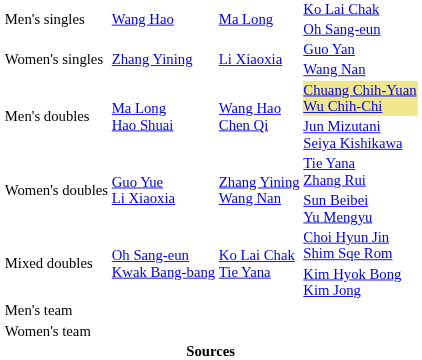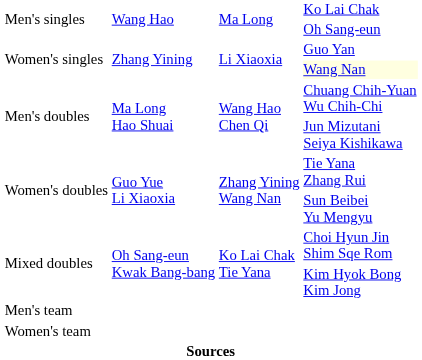 <table>
 <tr>
 <td rowspan=2>Men's singles <br></td>
 <td rowspan=2> <a href='#'>Wang Hao</a></td>
 <td rowspan=2> <a href='#'>Ma Long</a></td>
 <td> <a href='#'>Ko Lai Chak</a></td>
 </tr>
 <tr>
 <td> <a href='#'>Oh Sang-eun</a></td>
 </tr>
 <tr>
 <td rowspan=2>Women's singles <br></td>
 <td rowspan=2> <a href='#'>Zhang Yining</a></td>
 <td rowspan=2> <a href='#'>Li Xiaoxia</a></td>
 <td> <a href='#'>Guo Yan</a></td>
 </tr>
 <tr>
-<td> <a href='#'>Wang Nan</a></td>
+<td style="background: lightyellow;"> <a href='#'>Wang Nan</a></td>
 </tr>
 <tr>
 <td rowspan=2>Men's doubles <br></td>
 <td rowspan=2> <a href='#'>Ma Long</a><br> <a href='#'>Hao Shuai</a></td>
 <td rowspan=2> <a href='#'>Wang Hao</a><br> <a href='#'>Chen Qi</a></td>
-<td style="background: khaki;"> <a href='#'>Chuang Chih-Yuan</a><br> <a href='#'>Wu Chih-Chi</a></td>
+<td> <a href='#'>Chuang Chih-Yuan</a><br> <a href='#'>Wu Chih-Chi</a></td>
 </tr>
 <tr>
 <td> <a href='#'>Jun Mizutani</a><br> <a href='#'>Seiya Kishikawa</a></td>
 </tr>
 <tr>
 <td rowspan=2>Women's doubles <br></td>
 <td rowspan=2> <a href='#'>Guo Yue</a><br> <a href='#'>Li Xiaoxia</a></td>
 <td rowspan=2> <a href='#'>Zhang Yining</a><br> <a href='#'>Wang Nan</a></td>
 <td> <a href='#'>Tie Yana</a><br>  <a href='#'>Zhang Rui</a></td>
 </tr>
 <tr>
 <td> <a href='#'>Sun Beibei</a><br> <a href='#'>Yu Mengyu</a></td>
 </tr>
 <tr>
 <td rowspan=2>Mixed doubles <br></td>
 <td rowspan=2> <a href='#'>Oh Sang-eun</a><br> <a href='#'>Kwak Bang-bang</a></td>
 <td rowspan=2> <a href='#'>Ko Lai Chak</a><br> <a href='#'>Tie Yana</a></td>
 <td> <a href='#'>Choi Hyun Jin</a><br> <a href='#'>Shim Sqe Rom</a></td>
 </tr>
 <tr>
 <td> <a href='#'>Kim Hyok Bong</a><br> <a href='#'>Kim Jong</a></td>
 </tr>
 <tr>
 <td rowspan=2>Men's team <br></td>
 <td rowspan=2></td>
 <td rowspan=2></td>
 <td></td>
 </tr>
 <tr>
 <td></td>
 </tr>
 <tr>
 <td rowspan=2>Women's team <br></td>
 <td rowspan=2></td>
 <td rowspan=2></td>
 <td></td>
 </tr>
 <tr>
 <td></td>
 </tr>
 <tr>
 <th colspan="4">Sources</th>
 </tr>
 </table>
